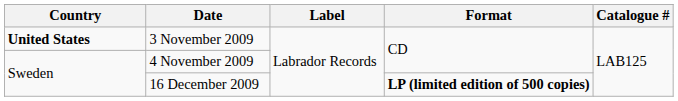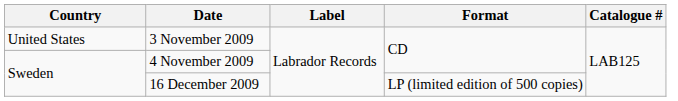 <table class="wikitable">
 <tr>
 <th width="150px">Country</th>
 <th width="130px">Date</th>
 <th width="120px">Label</th>
 <th>Format</th>
 <th>Catalogue #</th>
 </tr>
 <tr>
-<td><strong>United States</strong></td>
+<td>United States</td>
 <td>3 November 2009</td>
 <td rowspan="3">Labrador Records</td>
 <td rowspan="2">CD</td>
 <td rowspan="3">LAB125</td>
 </tr>
 <tr>
 <td rowspan="2">Sweden</td>
 <td>4 November 2009</td>
 </tr>
 <tr>
 <td>16 December 2009</td>
-<td><strong>LP (limited edition of 500 copies)</strong></td>
+<td>LP (limited edition of 500 copies)</td>
 </tr>
 </table>
